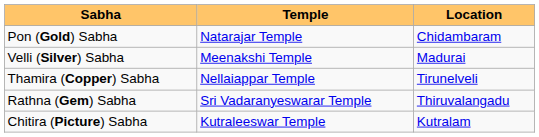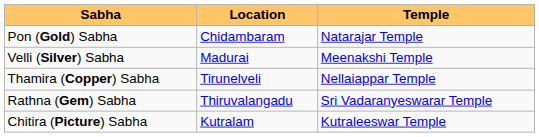 <table class="wikitable" width="50%">
 <tr>
 <th style="background:#ffc569;">Sabha</th>
+<th style="background:#ffc569;">Location</th>
 <th style="background:#ffc569;">Temple</th>
-<th style="background:#ffc569;">Location</th>
 </tr>
 <tr>
 <td>Pon (<strong>Gold</strong>) Sabha</td>
+<td><a href='#'>Chidambaram</a></td>
 <td><a href='#'>Natarajar Temple</a></td>
-<td><a href='#'>Chidambaram</a></td>
 </tr>
 <tr>
 <td>Velli (<strong>Silver</strong>) Sabha</td>
+<td><a href='#'>Madurai</a></td>
 <td><a href='#'>Meenakshi Temple</a></td>
-<td><a href='#'>Madurai</a></td>
 </tr>
 <tr>
 <td>Thamira (<strong>Copper</strong>) Sabha</td>
+<td><a href='#'>Tirunelveli</a></td>
 <td><a href='#'>Nellaiappar Temple</a></td>
-<td><a href='#'>Tirunelveli</a></td>
 </tr>
 <tr>
 <td>Rathna (<strong>Gem</strong>) Sabha</td>
+<td><a href='#'>Thiruvalangadu</a></td>
 <td><a href='#'>Sri Vadaranyeswarar Temple</a></td>
-<td><a href='#'>Thiruvalangadu</a></td>
 </tr>
 <tr>
 <td>Chitira (<strong>Picture</strong>) Sabha</td>
+<td><a href='#'>Kutralam</a></td>
 <td><a href='#'>Kutraleeswar Temple</a></td>
-<td><a href='#'>Kutralam</a></td>
 </tr>
 </table>
